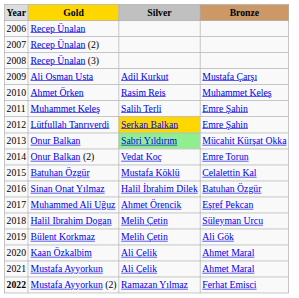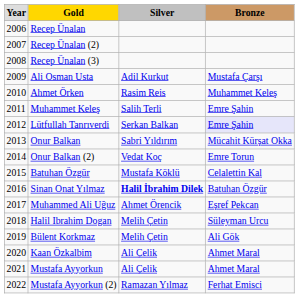 <table class="wikitable sortable alternance" style="font-size:95%">
 <tr style="text-align:center; background:#e4e4e4; font-weight:bold;">
 <td style="background:#ddd; ">Year</td>
 <td style="background:gold; ">Gold</td>
 <td style="background:silver; ">Silver</td>
 <td style="background:#c96; ">Bronze</td>
 </tr>
 <tr>
 <td>2006</td>
 <td><a href='#'>Recep Ünalan</a></td>
 <td></td>
 <td></td>
 </tr>
 <tr>
 <td>2007</td>
 <td><a href='#'>Recep Ünalan</a> (2)</td>
 <td></td>
 <td></td>
 </tr>
 <tr>
 <td>2008</td>
 <td><a href='#'>Recep Ünalan</a> (3)</td>
 <td></td>
 <td></td>
 </tr>
 <tr>
 <td>2009</td>
 <td><a href='#'>Ali Osman Usta</a></td>
 <td><a href='#'>Adil Kurkut</a></td>
 <td><a href='#'>Mustafa Çarşı</a></td>
 </tr>
 <tr>
 <td>2010</td>
 <td><a href='#'>Ahmet Örken</a></td>
 <td><a href='#'>Rasim Reis</a></td>
 <td><a href='#'>Muhammet Keleş</a></td>
 </tr>
 <tr>
 <td>2011</td>
 <td><a href='#'>Muhammet Keleş</a></td>
 <td><a href='#'>Salih Terli</a></td>
 <td><a href='#'>Emre Şahin</a></td>
 </tr>
 <tr>
 <td>2012</td>
 <td><a href='#'>Lütfullah Tanrıverdi</a></td>
-<td style="background: gold;"><a href='#'>Serkan Balkan</a></td>
-<td><a href='#'>Emre Şahin</a></td>
+<td><a href='#'>Serkan Balkan</a></td>
+<td style="background: lavender;"><a href='#'>Emre Şahin</a></td>
 </tr>
 <tr>
 <td>2013</td>
 <td><a href='#'>Onur Balkan</a></td>
-<td style="background: lightgreen;"><a href='#'>Sabri Yıldırım</a></td>
+<td><a href='#'>Sabri Yıldırım</a></td>
 <td><a href='#'>Mücahit Kürşat Okka</a></td>
 </tr>
 <tr>
 <td>2014</td>
 <td><a href='#'>Onur Balkan</a> (2)</td>
 <td><a href='#'>Vedat Koç</a></td>
 <td><a href='#'>Emre Torun</a></td>
 </tr>
 <tr>
 <td>2015</td>
 <td><a href='#'>Batuhan Özgür</a></td>
 <td><a href='#'>Mustafa Köklü</a></td>
 <td><a href='#'>Celalettin Kal</a></td>
 </tr>
 <tr>
 <td>2016</td>
 <td><a href='#'>Sinan Onat Yılmaz</a></td>
-<td><a href='#'>Halil İbrahim Dilek</a></td>
+<td><strong><a href='#'>Halil İbrahim Dilek</a></strong></td>
 <td><a href='#'>Batuhan Özgür</a></td>
 </tr>
 <tr>
 <td>2017</td>
 <td><a href='#'>Muhammed Ali Uğuz</a></td>
 <td><a href='#'>Ahmet Örencik</a></td>
 <td><a href='#'>Eşref Pekcan</a></td>
 </tr>
 <tr>
 <td>2018</td>
 <td><a href='#'>Halil Ibrahim Dogan</a></td>
 <td><a href='#'>Melih Çetin</a></td>
 <td><a href='#'>Süleyman Urcu</a></td>
 </tr>
 <tr>
 <td>2019</td>
 <td><a href='#'>Bülent Korkmaz</a></td>
 <td><a href='#'>Melih Çetin</a></td>
 <td><a href='#'>Ali Gök</a></td>
 </tr>
 <tr>
 <td>2020</td>
 <td><a href='#'>Kaan Özkalbim</a></td>
 <td><a href='#'>Ali Çelik</a></td>
 <td><a href='#'>Ahmet Maral</a></td>
 </tr>
 <tr>
 <td>2021</td>
 <td><a href='#'>Mustafa Ayyorkun</a></td>
 <td><a href='#'>Ali Çelik</a></td>
 <td><a href='#'>Ahmet Maral</a></td>
 </tr>
 <tr>
-<td><strong>2022</strong></td>
+<td>2022</td>
 <td><a href='#'>Mustafa Ayyorkun</a> (2)</td>
 <td><a href='#'>Ramazan Yılmaz</a></td>
 <td><a href='#'>Ferhat Emisci</a></td>
 </tr>
 </table>
